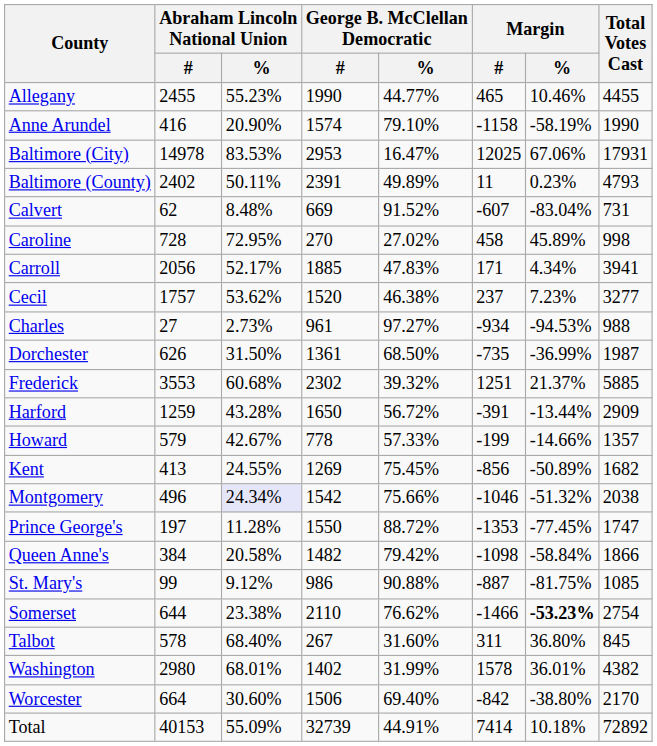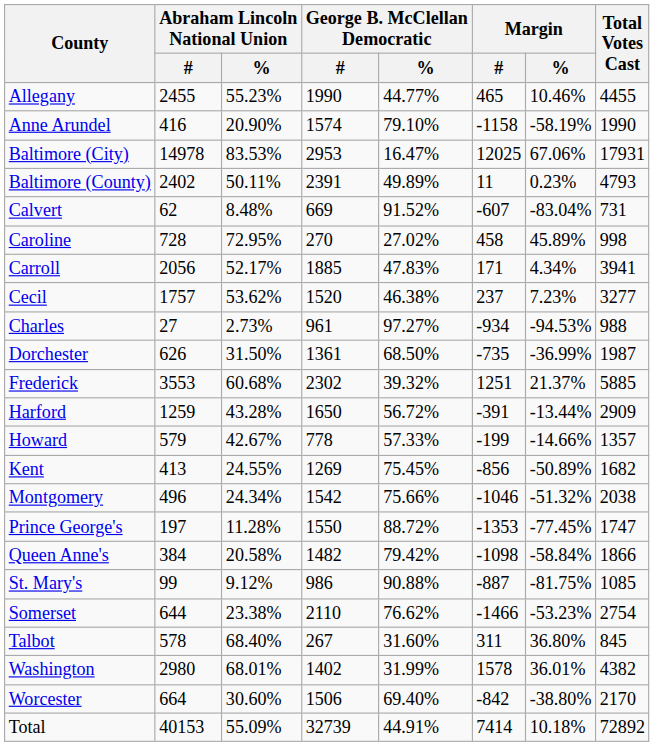 <table class="wikitable sortable">
 <tr>
 <th rowspan="2">County</th>
 <th colspan="2" >Abraham Lincoln<br>National Union</th>
 <th colspan="2" >George B. McClellan<br>Democratic</th>
 <th colspan="2">Margin</th>
 <th rowspan="2">Total<br>Votes<br>Cast </th>
 </tr>
 <tr>
 <th>#</th>
 <th>%</th>
 <th>#</th>
 <th>%</th>
 <th>#</th>
 <th>%</th>
 </tr>
 <tr>
 <td><a href='#'>Allegany</a></td>
 <td>2455</td>
 <td>55.23%</td>
 <td>1990</td>
 <td>44.77%</td>
 <td>465</td>
 <td>10.46%</td>
 <td>4455</td>
 </tr>
 <tr>
 <td><a href='#'>Anne Arundel</a></td>
 <td>416</td>
 <td>20.90%</td>
 <td>1574</td>
 <td>79.10%</td>
 <td>-1158</td>
 <td>-58.19%</td>
 <td>1990</td>
 </tr>
 <tr>
 <td><a href='#'>Baltimore (City)</a></td>
 <td>14978</td>
 <td>83.53%</td>
 <td>2953</td>
 <td>16.47%</td>
 <td>12025</td>
 <td>67.06%</td>
 <td>17931</td>
 </tr>
 <tr>
 <td><a href='#'>Baltimore (County)</a></td>
 <td>2402</td>
 <td>50.11%</td>
 <td>2391</td>
 <td>49.89%</td>
 <td>11</td>
 <td>0.23%</td>
 <td>4793</td>
 </tr>
 <tr>
 <td><a href='#'>Calvert</a></td>
 <td>62</td>
 <td>8.48%</td>
 <td>669</td>
 <td>91.52%</td>
 <td>-607</td>
 <td>-83.04%</td>
 <td>731</td>
 </tr>
 <tr>
 <td><a href='#'>Caroline</a></td>
 <td>728</td>
 <td>72.95%</td>
 <td>270</td>
 <td>27.02%</td>
 <td>458</td>
 <td>45.89%</td>
 <td>998</td>
 </tr>
 <tr>
 <td><a href='#'>Carroll</a></td>
 <td>2056</td>
 <td>52.17%</td>
 <td>1885</td>
 <td>47.83%</td>
 <td>171</td>
 <td>4.34%</td>
 <td>3941</td>
 </tr>
 <tr>
 <td><a href='#'>Cecil</a></td>
 <td>1757</td>
 <td>53.62%</td>
 <td>1520</td>
 <td>46.38%</td>
 <td>237</td>
 <td>7.23%</td>
 <td>3277</td>
 </tr>
 <tr>
 <td><a href='#'>Charles</a></td>
 <td>27</td>
 <td>2.73%</td>
 <td>961</td>
 <td>97.27%</td>
 <td>-934</td>
 <td>-94.53%</td>
 <td>988</td>
 </tr>
 <tr>
 <td><a href='#'>Dorchester</a></td>
 <td>626</td>
 <td>31.50%</td>
 <td>1361</td>
 <td>68.50%</td>
 <td>-735</td>
 <td>-36.99%</td>
 <td>1987</td>
 </tr>
 <tr>
 <td><a href='#'>Frederick</a></td>
 <td>3553</td>
 <td>60.68%</td>
 <td>2302</td>
 <td>39.32%</td>
 <td>1251</td>
 <td>21.37%</td>
 <td>5885</td>
 </tr>
 <tr>
 <td><a href='#'>Harford</a></td>
 <td>1259</td>
 <td>43.28%</td>
 <td>1650</td>
 <td>56.72%</td>
 <td>-391</td>
 <td>-13.44%</td>
 <td>2909</td>
 </tr>
 <tr>
 <td><a href='#'>Howard</a></td>
 <td>579</td>
 <td>42.67%</td>
 <td>778</td>
 <td>57.33%</td>
 <td>-199</td>
 <td>-14.66%</td>
 <td>1357</td>
 </tr>
 <tr>
 <td><a href='#'>Kent</a></td>
 <td>413</td>
 <td>24.55%</td>
 <td>1269</td>
 <td>75.45%</td>
 <td>-856</td>
 <td>-50.89%</td>
 <td>1682</td>
 </tr>
 <tr>
 <td><a href='#'>Montgomery</a></td>
 <td>496</td>
-<td style="background: lavender;">24.34%</td>
+<td>24.34%</td>
 <td>1542</td>
 <td>75.66%</td>
 <td>-1046</td>
 <td>-51.32%</td>
 <td>2038</td>
 </tr>
 <tr>
 <td><a href='#'>Prince George's</a></td>
 <td>197</td>
 <td>11.28%</td>
 <td>1550</td>
 <td>88.72%</td>
 <td>-1353</td>
 <td>-77.45%</td>
 <td>1747</td>
 </tr>
 <tr>
 <td><a href='#'>Queen Anne's</a></td>
 <td>384</td>
 <td>20.58%</td>
 <td>1482</td>
 <td>79.42%</td>
 <td>-1098</td>
 <td>-58.84%</td>
 <td>1866</td>
 </tr>
 <tr>
 <td><a href='#'>St. Mary's</a></td>
 <td>99</td>
 <td>9.12%</td>
 <td>986</td>
 <td>90.88%</td>
 <td>-887</td>
 <td>-81.75%</td>
 <td>1085</td>
 </tr>
 <tr>
 <td><a href='#'>Somerset</a></td>
 <td>644</td>
 <td>23.38%</td>
 <td>2110</td>
 <td>76.62%</td>
 <td>-1466</td>
-<td><strong>-53.23%</strong></td>
+<td>-53.23%</td>
 <td>2754</td>
 </tr>
 <tr>
 <td><a href='#'>Talbot</a></td>
 <td>578</td>
 <td>68.40%</td>
 <td>267</td>
 <td>31.60%</td>
 <td>311</td>
 <td>36.80%</td>
 <td>845</td>
 </tr>
 <tr>
 <td><a href='#'>Washington</a></td>
 <td>2980</td>
 <td>68.01%</td>
 <td>1402</td>
 <td>31.99%</td>
 <td>1578</td>
 <td>36.01%</td>
 <td>4382</td>
 </tr>
 <tr>
 <td><a href='#'>Worcester</a></td>
 <td>664</td>
 <td>30.60%</td>
 <td>1506</td>
 <td>69.40%</td>
 <td>-842</td>
 <td>-38.80%</td>
 <td>2170</td>
 </tr>
 <tr>
 <td>Total</td>
 <td>40153</td>
 <td>55.09%</td>
 <td>32739</td>
 <td>44.91%</td>
 <td>7414</td>
 <td>10.18%</td>
 <td>72892</td>
 </tr>
 </table>
